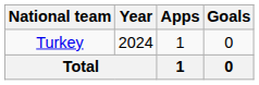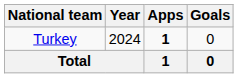 <table class="wikitable" style="text-align:center">
 <tr>
 <th>National team</th>
 <th>Year</th>
 <th>Apps</th>
 <th>Goals</th>
 </tr>
 <tr>
 <td><a href='#'>Turkey</a></td>
 <td>2024</td>
-<td>1</td>
+<td><strong>1</strong></td>
 <td>0</td>
 </tr>
 <tr>
 <th colspan="2">Total</th>
 <th>1</th>
 <th>0</th>
 </tr>
 </table>
